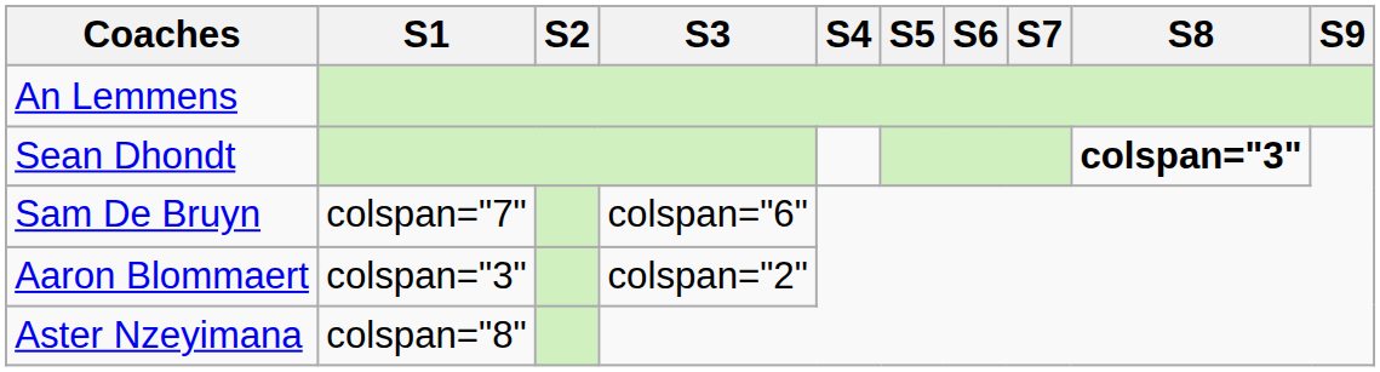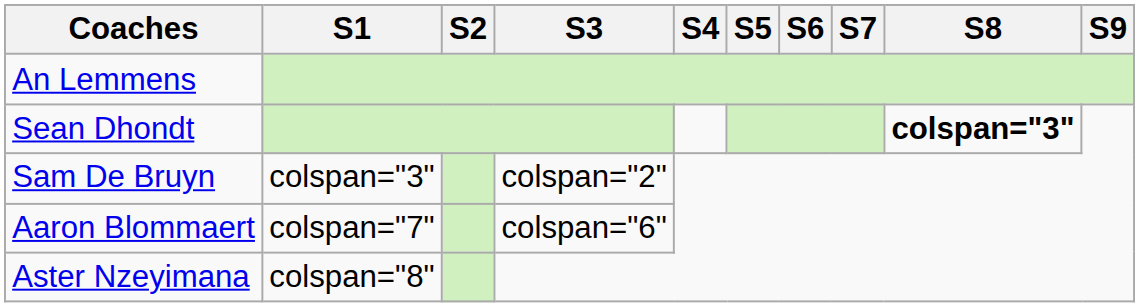 <table class="wikitable">
 <tr>
 <th>Coaches</th>
 <th>S1</th>
 <th>S2</th>
 <th>S3</th>
 <th>S4</th>
 <th>S5</th>
 <th>S6</th>
 <th>S7</th>
 <th>S8</th>
 <th>S9</th>
 </tr>
 <tr>
 <td><a href='#'>An Lemmens</a></td>
 <td colspan="9" style="background:#d0f0c0"></td>
 </tr>
 <tr>
 <td><a href='#'>Sean Dhondt</a></td>
 <td colspan="3" style="background:#d0f0c0"></td>
 <td></td>
 <td colspan="3" style="background:#d0f0c0"></td>
 <td><strong>colspan="3" </strong></td>
 </tr>
 <tr>
 <td><a href='#'>Sam De Bruyn</a></td>
+<td>colspan="3" </td>
+<td style="background:#d0f0c0"></td>
+<td>colspan="2" </td>
+</tr>
+<tr>
+<td><a href='#'>Aaron Blommaert</a></td>
 <td>colspan="7" </td>
 <td style="background:#d0f0c0"></td>
 <td>colspan="6" </td>
-</tr>
-<tr>
-<td><a href='#'>Aaron Blommaert</a></td>
-<td>colspan="3" </td>
-<td style="background:#d0f0c0"></td>
-<td>colspan="2" </td>
 </tr>
 <tr>
 <td><a href='#'>Aster Nzeyimana</a></td>
 <td>colspan="8" </td>
 <td style="background:#d0f0c0"></td>
 </tr>
 </table>
